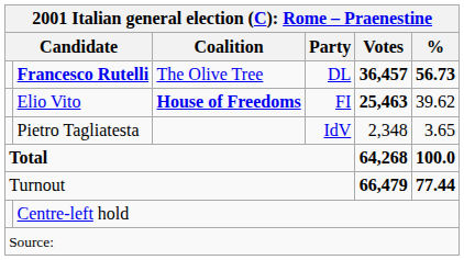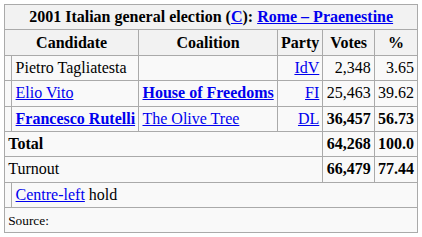 <table class=wikitable style="text-align:right">
 <tr>
 <th colspan=6>2001 Italian general election (<a href='#'>C</a>): <a href='#'>Rome – Praenestine</a></th>
 </tr>
 <tr>
 <th colspan=2>Candidate</th>
 <th>Coalition</th>
 <th>Party</th>
 <th>Votes</th>
 <th>%</th>
 </tr>
 <tr>
 <td style="color:inherit;background:"></td>
-<td align=left><strong><a href='#'>Francesco Rutelli</a></strong></td>
-<td align=left><a href='#'>The Olive Tree</a></td>
-<td><a href='#'>DL</a></td>
-<td><strong>36,457</strong></td>
-<td><strong>56.73</strong></td>
+<td align=left>Pietro Tagliatesta</td>
+<td></td>
+<td><a href='#'>IdV</a></td>
+<td>2,348</td>
+<td>3.65</td>
 </tr>
 <tr>
 <td style="color:inherit;background:"></td>
 <td align=left><a href='#'>Elio Vito</a></td>
 <td align=left><strong><a href='#'>House of Freedoms</a></strong></td>
 <td><a href='#'>FI</a></td>
-<td><strong>25,463</strong></td>
+<td>25,463</td>
 <td>39.62</td>
 </tr>
 <tr>
 <td style="color:inherit;background:"></td>
-<td align=left>Pietro Tagliatesta</td>
-<td></td>
-<td><a href='#'>IdV</a></td>
-<td>2,348</td>
-<td>3.65</td>
+<td align=left><strong><a href='#'>Francesco Rutelli</a></strong></td>
+<td align=left><a href='#'>The Olive Tree</a></td>
+<td><a href='#'>DL</a></td>
+<td><strong>36,457</strong></td>
+<td><strong>56.73</strong></td>
 </tr>
 <tr>
 <td align=left colspan=4><strong>Total</strong></td>
 <td><strong>64,268</strong></td>
 <td><strong>100.0</strong></td>
 </tr>
 <tr>
 <td align=left colspan=4>Turnout</td>
 <td><strong>66,479</strong></td>
 <td><strong>77.44</strong></td>
 </tr>
 <tr>
 <td style="color:inherit;background:"></td>
 <td align=left colspan=5><a href='#'>Centre-left</a> hold</td>
 </tr>
 <tr>
 <td align=left colspan=6><small>Source: </small></td>
 </tr>
 </table>
